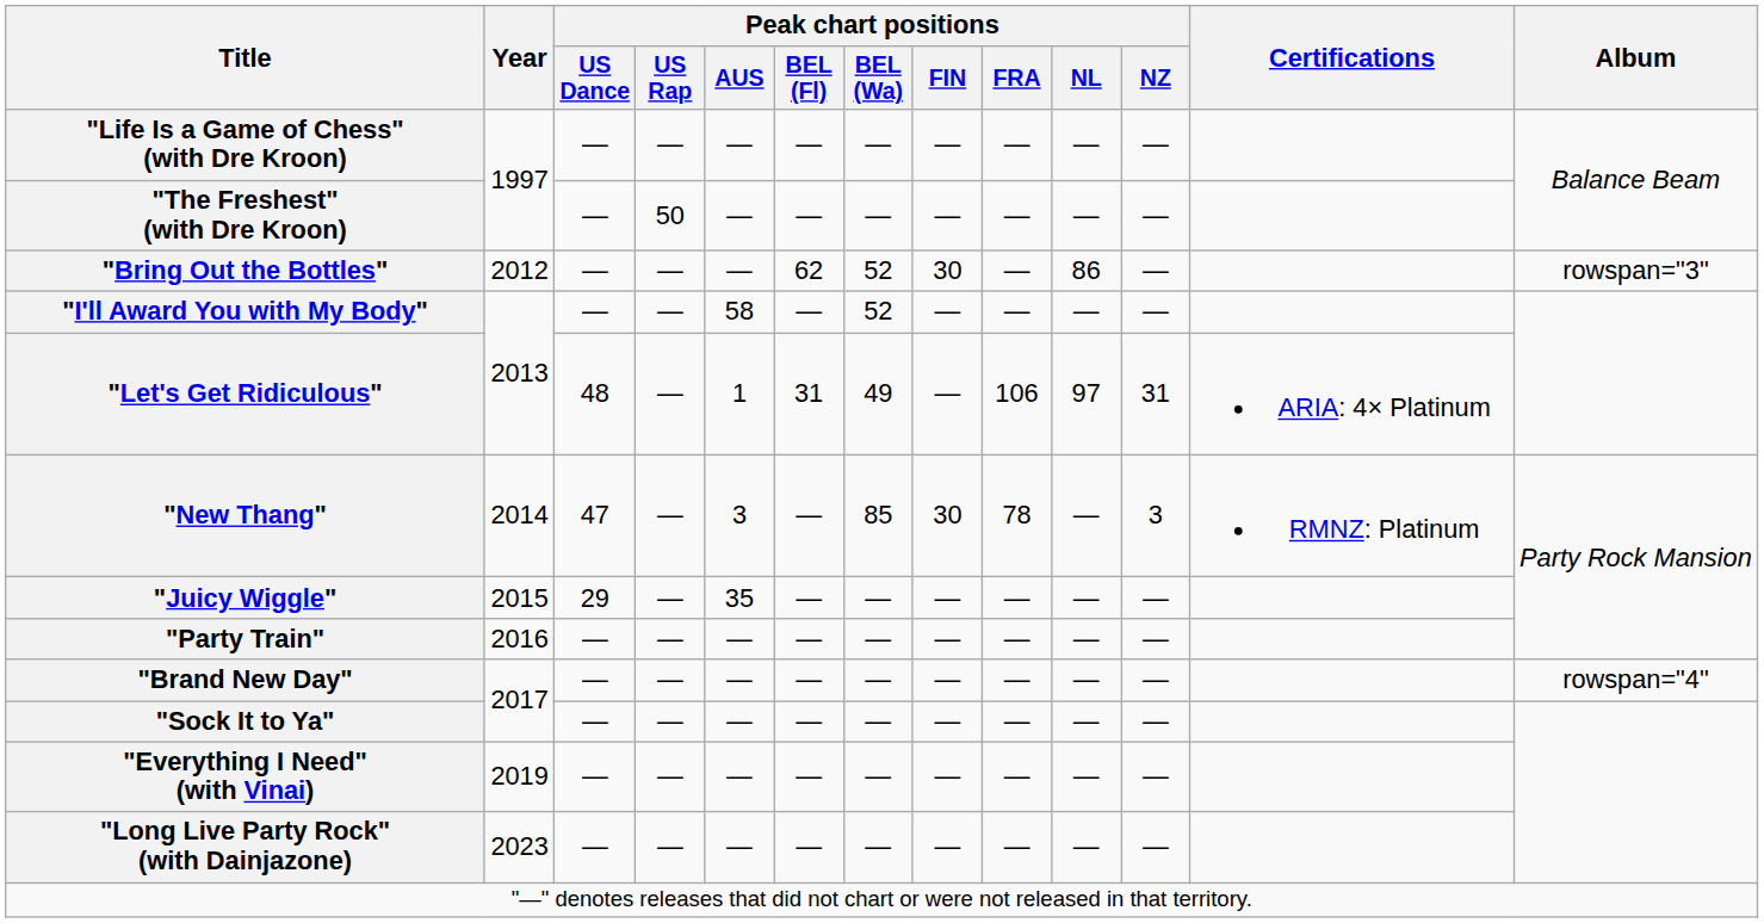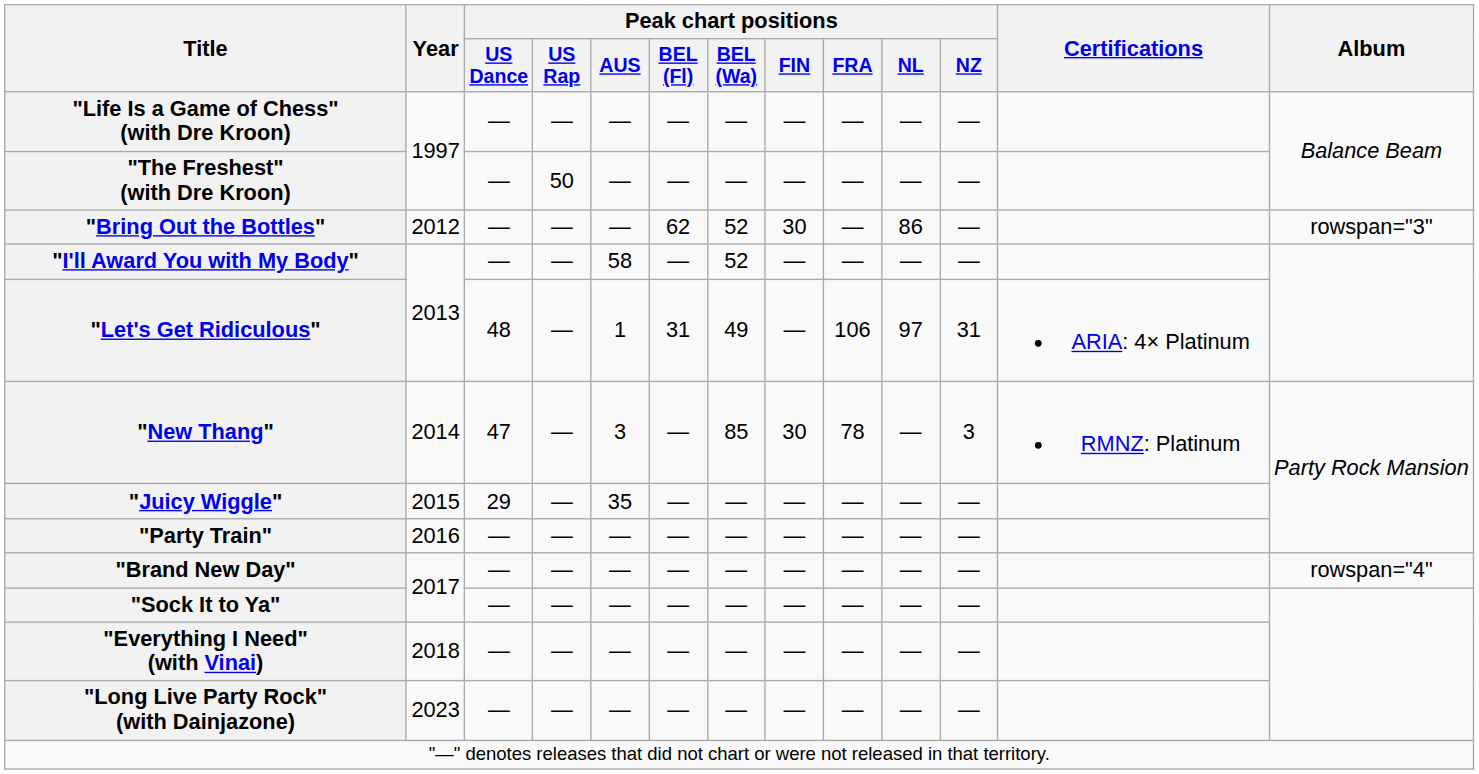 <table class="wikitable plainrowheaders" style="text-align:center;" border="1">
 <tr>
 <th scope="col" rowspan="2" style="width:18em;">Title</th>
 <th scope="col" rowspan="2">Year</th>
 <th scope="col" colspan="9">Peak chart positions</th>
 <th scope="col" rowspan="2" style="width:12em;"><a href='#'>Certifications</a></th>
 <th scope="col" rowspan="2">Album</th>
 </tr>
 <tr>
 <th scope="col" style="width:2.5em;font-size:90%;"><a href='#'>US<br>Dance</a><br></th>
 <th scope="col" style="width:2.5em;font-size:90%;"><a href='#'>US<br>Rap</a><br></th>
 <th scope="col" style="width:2.5em;font-size:90%;"><a href='#'>AUS</a><br></th>
 <th scope="col" style="width:2.5em;font-size:90%;"><a href='#'>BEL (Fl)</a><br></th>
 <th scope="col" style="width:2.5em;font-size:90%;"><a href='#'>BEL (Wa)</a><br></th>
 <th scope="col" style="width:2.5em;font-size:90%;"><a href='#'>FIN</a><br></th>
 <th scope="col" style="width:2.5em;font-size:90%;"><a href='#'>FRA</a><br></th>
 <th scope="col" style="width:2.5em;font-size:90%;"><a href='#'>NL</a><br></th>
 <th scope="col" style="width:2.5em;font-size:90%;"><a href='#'>NZ</a><br></th>
 </tr>
 <tr>
 <th scope="row">"Life Is a Game of Chess"<br><span>(with Dre Kroon)</span></th>
 <td rowspan="2">1997</td>
 <td>—</td>
 <td>—</td>
 <td>—</td>
 <td>—</td>
 <td>—</td>
 <td>—</td>
 <td>—</td>
 <td>—</td>
 <td>—</td>
 <td></td>
 <td rowspan="2"><em>Balance Beam</em></td>
 </tr>
 <tr>
 <th scope="row">"The Freshest"<br><span>(with Dre Kroon)</span></th>
 <td>—</td>
 <td>50</td>
 <td>—</td>
 <td>—</td>
 <td>—</td>
 <td>—</td>
 <td>—</td>
 <td>—</td>
 <td>—</td>
 <td></td>
 </tr>
 <tr>
 <th scope="row">"<a href='#'>Bring Out the Bottles</a>"</th>
 <td>2012</td>
 <td>—</td>
 <td>—</td>
 <td>—</td>
 <td>62</td>
 <td>52</td>
 <td>30</td>
 <td>—</td>
 <td>86</td>
 <td>—</td>
 <td></td>
 <td>rowspan="3" </td>
 </tr>
 <tr>
 <th scope="row">"<a href='#'>I'll Award You with My Body</a>"</th>
 <td rowspan="2">2013</td>
 <td>—</td>
 <td>—</td>
 <td>58</td>
 <td>—</td>
 <td>52</td>
 <td>—</td>
 <td>—</td>
 <td>—</td>
 <td>—</td>
 <td></td>
 </tr>
 <tr>
 <th scope="row">"<a href='#'>Let's Get Ridiculous</a>"</th>
 <td>48</td>
 <td>—</td>
 <td>1</td>
 <td>31</td>
 <td>49</td>
 <td>—</td>
 <td>106</td>
 <td>97</td>
 <td>31</td>
 <td><br><ul><li><a href='#'>ARIA</a>: 4× Platinum</li></ul></td>
 </tr>
 <tr>
 <th scope="row">"<a href='#'>New Thang</a>"</th>
 <td>2014</td>
 <td>47</td>
 <td>—</td>
 <td>3</td>
 <td>—</td>
 <td>85</td>
 <td>30</td>
 <td>78</td>
 <td>—</td>
 <td>3</td>
 <td><br><ul><li><a href='#'>RMNZ</a>: Platinum</li></ul></td>
 <td rowspan="3"><em>Party Rock Mansion</em></td>
 </tr>
 <tr>
 <th scope="row">"<a href='#'>Juicy Wiggle</a>"</th>
 <td>2015</td>
 <td>29</td>
 <td>—</td>
 <td>35</td>
 <td>—</td>
 <td>—</td>
 <td>—</td>
 <td>—</td>
 <td>—</td>
 <td>—</td>
 <td></td>
 </tr>
 <tr>
 <th scope="row">"Party Train"</th>
 <td>2016</td>
 <td>—</td>
 <td>—</td>
 <td>—</td>
 <td>—</td>
 <td>—</td>
 <td>—</td>
 <td>—</td>
 <td>—</td>
 <td>—</td>
 <td></td>
 </tr>
 <tr>
 <th scope="row">"Brand New Day"</th>
 <td rowspan="2">2017</td>
 <td>—</td>
 <td>—</td>
 <td>—</td>
 <td>—</td>
 <td>—</td>
 <td>—</td>
 <td>—</td>
 <td>—</td>
 <td>—</td>
 <td></td>
 <td>rowspan="4" </td>
 </tr>
 <tr>
 <th scope="row">"Sock It to Ya"</th>
 <td>—</td>
 <td>—</td>
 <td>—</td>
 <td>—</td>
 <td>—</td>
 <td>—</td>
 <td>—</td>
 <td>—</td>
 <td>—</td>
 <td></td>
 </tr>
 <tr>
 <th scope="row">"Everything I Need"<br><span>(with <a href='#'>Vinai</a>)</span></th>
-<td>2019</td>
+<td>2018</td>
 <td>—</td>
 <td>—</td>
 <td>—</td>
 <td>—</td>
 <td>—</td>
 <td>—</td>
 <td>—</td>
 <td>—</td>
 <td>—</td>
 <td></td>
 </tr>
 <tr>
 <th scope="row">"Long Live Party Rock"<br><span>(with Dainjazone)</span></th>
 <td>2023</td>
 <td>—</td>
 <td>—</td>
 <td>—</td>
 <td>—</td>
 <td>—</td>
 <td>—</td>
 <td>—</td>
 <td>—</td>
 <td>—</td>
 <td></td>
 </tr>
 <tr>
 <td colspan="15" style="font-size:85%">"—" denotes releases that did not chart or were not released in that territory.</td>
 </tr>
 </table>
